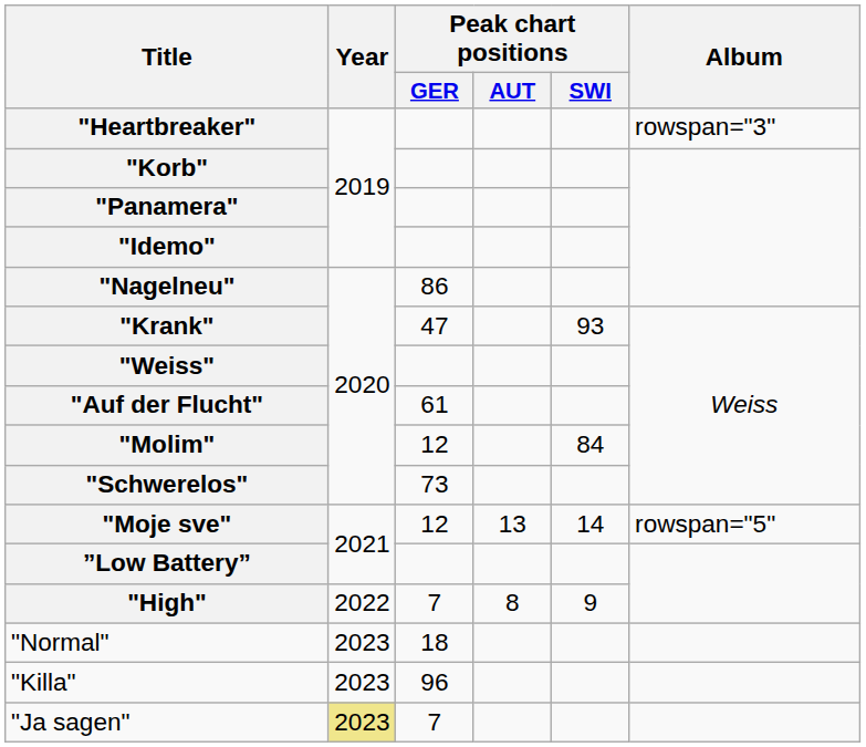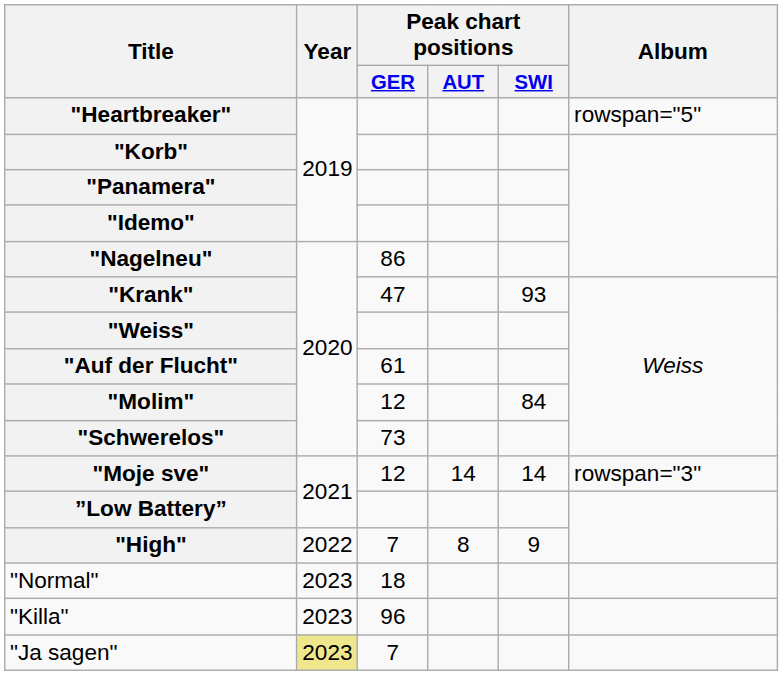 <table class="wikitable sortable plainrowheaders">
 <tr style="background: #eeeeee;">
 <th rowspan="2" style="width: 200px;">Title</th>
 <th style="width: 20px;" rowspan="2">Year</th>
 <th colspan="3">Peak chart positions</th>
 <th style="width: 140px;" rowspan="2">Album</th>
 </tr>
 <tr style="background: #eeeeee;">
 <th scope="col" style="width:3em;font-size:90%;"><a href='#'>GER</a><br></th>
 <th scope="col" style="width:3em;font-size:90%;"><a href='#'>AUT</a><br></th>
 <th scope="col" style="width:3em;font-size:90%;"><a href='#'>SWI</a><br></th>
 </tr>
 <tr>
 <th scope=row>"Heartbreaker"</th>
 <td rowspan=4>2019</td>
 <td align="center"></td>
 <td align="center"></td>
 <td align="center"></td>
-<td>rowspan="3" </td>
+<td>rowspan="5" </td>
 </tr>
 <tr>
 <th scope=row>"Korb"</th>
 <td align="center"></td>
 <td align="center"></td>
 <td align="center"></td>
 </tr>
 <tr>
 <th scope=row>"Panamera"</th>
 <td align="center"></td>
 <td align="center"></td>
 <td align="center"></td>
 </tr>
 <tr>
 <th scope=row>"Idemo"</th>
 <td align="center"></td>
 <td align="center"></td>
 <td align="center"></td>
 </tr>
 <tr>
 <th scope=row>"Nagelneu"</th>
 <td rowspan=6>2020</td>
 <td align="center">86</td>
 <td align="center"></td>
 <td align="center"></td>
 </tr>
 <tr>
 <th scope=row>"Krank"</th>
 <td align="center">47</td>
 <td align="center"></td>
 <td align="center">93</td>
 <td align="center" rowspan=5><em>Weiss</em></td>
 </tr>
 <tr>
 <th scope=row>"Weiss"</th>
 <td align="center"></td>
 <td align="center"></td>
 <td align="center"></td>
 </tr>
 <tr>
 <th scope=row>"Auf der Flucht"</th>
 <td align="center">61</td>
 <td align="center"></td>
 <td align="center"></td>
 </tr>
 <tr>
 <th scope=row>"Molim"</th>
 <td align="center">12</td>
 <td align="center"></td>
 <td align="center">84</td>
 </tr>
 <tr>
 <th scope=row>"Schwerelos"</th>
 <td align="center">73</td>
 <td align="center"></td>
 <td align="center"></td>
 </tr>
 <tr>
 <th scope=row>"Moje sve"</th>
 <td rowspan=2>2021</td>
 <td align="center">12</td>
-<td align="center">13</td>
 <td align="center">14</td>
-<td>rowspan="5" </td>
+<td align="center">14</td>
+<td>rowspan="3" </td>
 </tr>
 <tr>
 <th scope=row>”Low Battery”</th>
 <td align="center"></td>
 <td align="center"></td>
 <td align="center"></td>
 </tr>
 <tr>
 <th scope=row>"High"<br></th>
 <td>2022</td>
 <td align="center">7</td>
 <td align="center">8</td>
 <td align="center">9</td>
 </tr>
 <tr>
 <td>"Normal"<br></td>
 <td>2023</td>
 <td align="center">18</td>
 <td></td>
 <td></td>
 <td></td>
 </tr>
 <tr>
 <td>"Killa"<br></td>
 <td>2023</td>
 <td align="center">96</td>
 <td></td>
 <td></td>
 <td></td>
 </tr>
 <tr>
 <td>"Ja sagen"</td>
 <td style="background: khaki;">2023</td>
 <td align="center">7</td>
 <td></td>
 <td></td>
 <td></td>
 </tr>
 </table>
